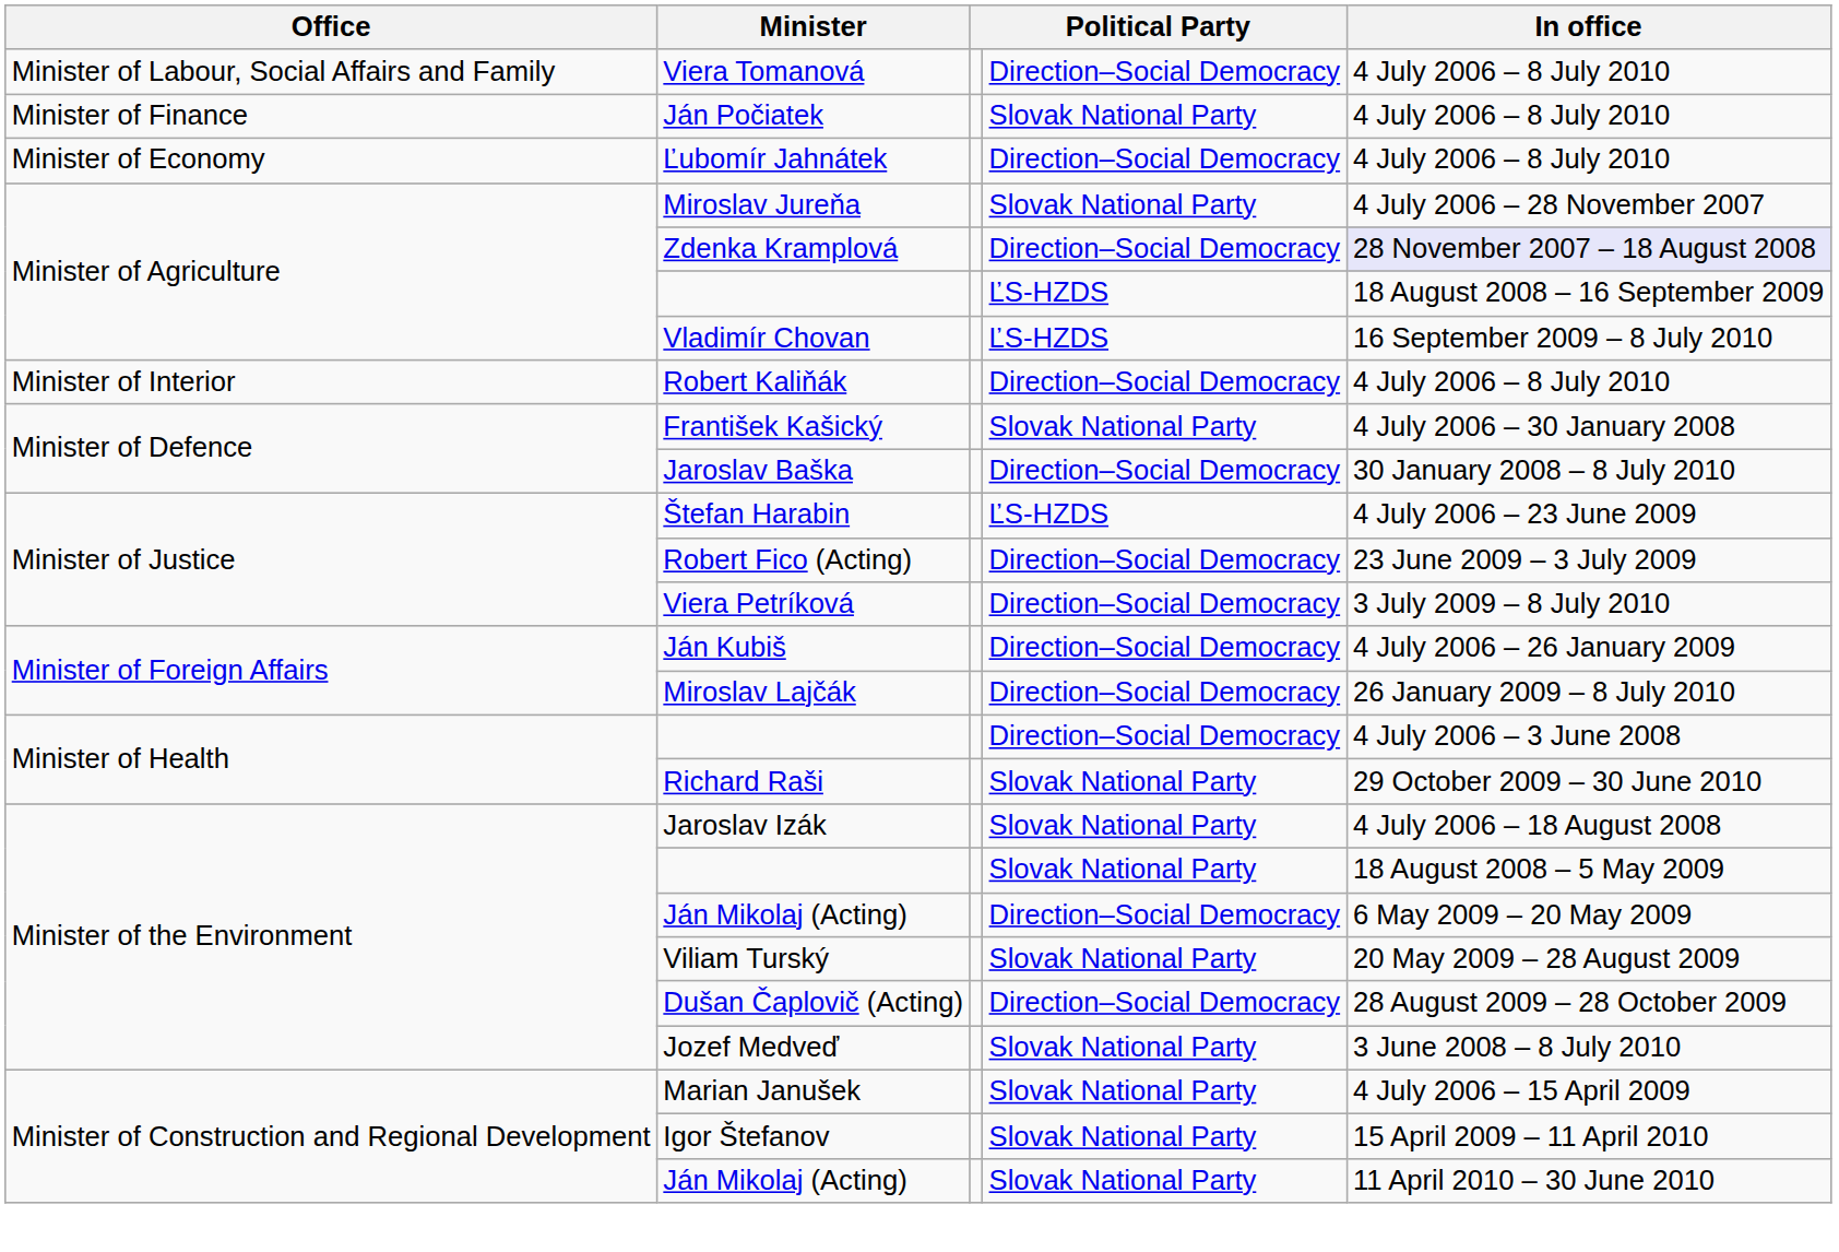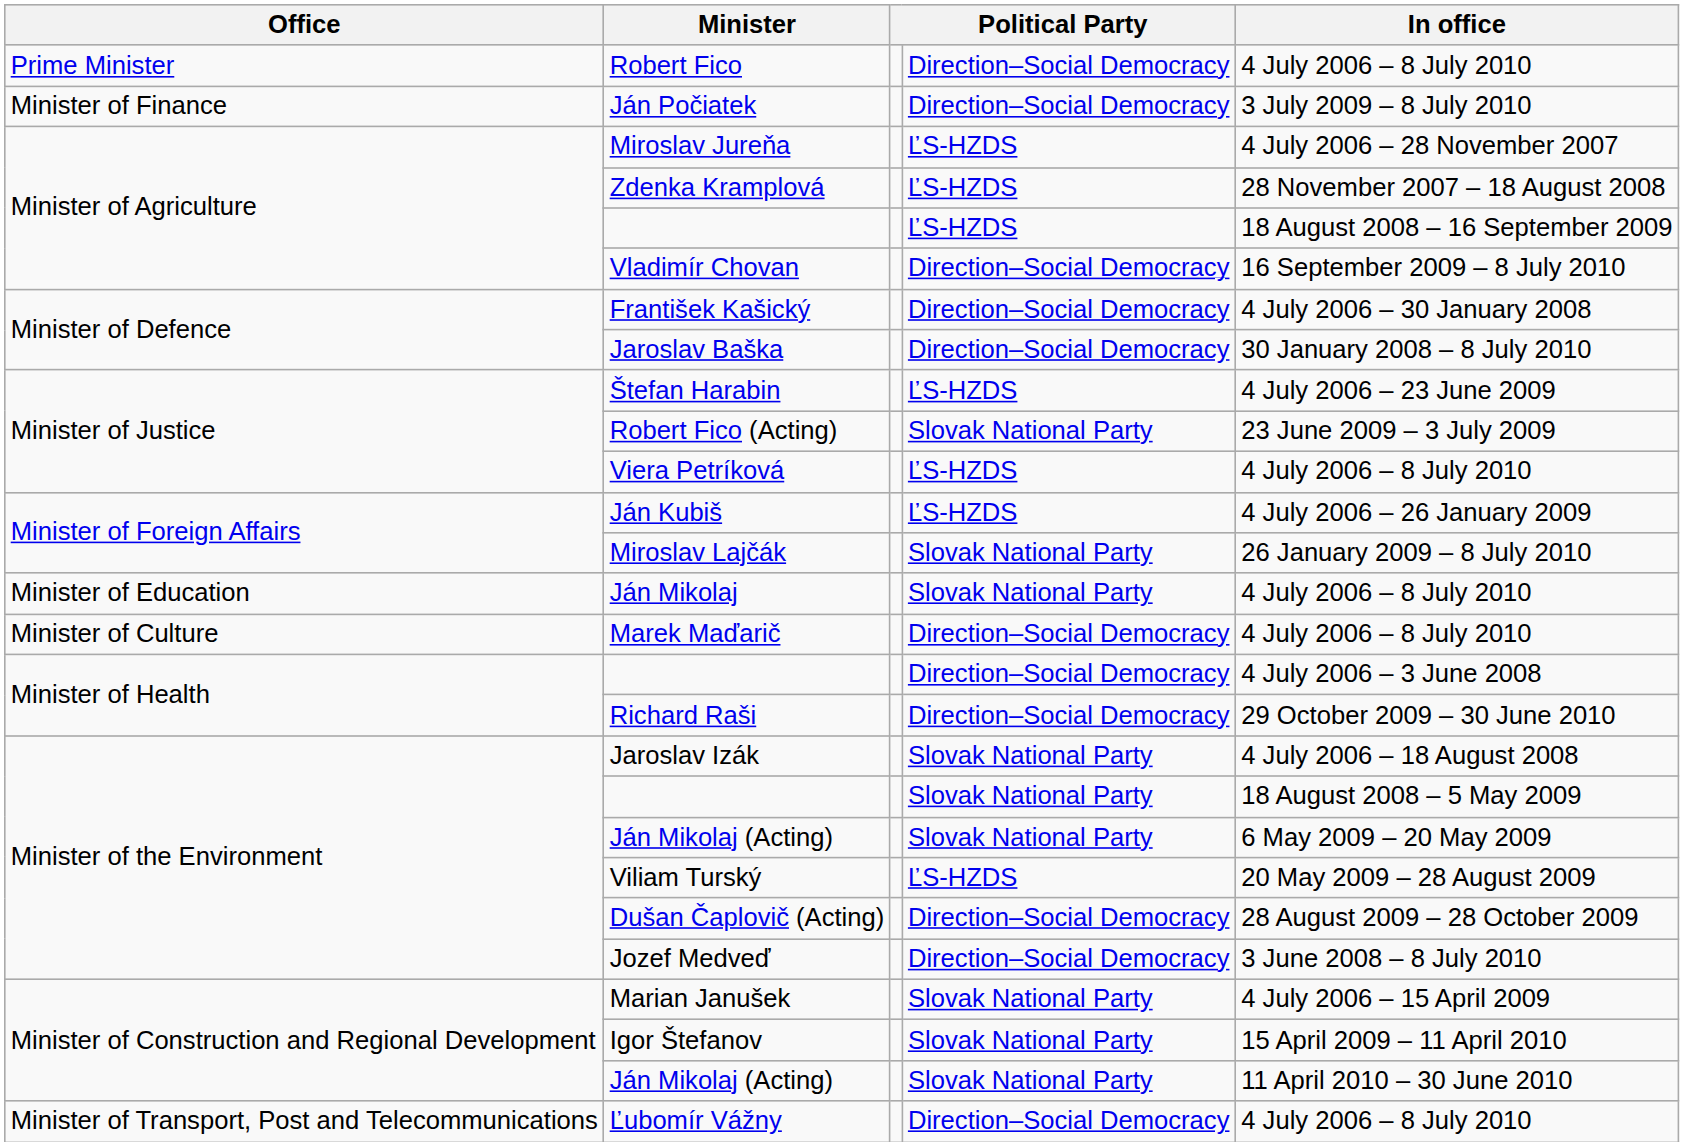 <table class="wikitable">
 <tr>
 <th>Office</th>
 <th>Minister</th>
 <th colspan=2>Political Party</th>
 <th>In office</th>
 </tr>
 <tr>
-<td>Minister of Labour, Social Affairs and Family</td>
-<td><a href='#'>Viera Tomanová</a></td>
+<td><a href='#'>Prime Minister</a></td>
+<td><a href='#'>Robert Fico</a></td>
 <td style="background-color: "></td>
 <td><a href='#'>Direction–Social Democracy</a></td>
 <td>4 July 2006 – 8 July 2010</td>
 </tr>
 <tr>
 <td>Minister of Finance</td>
 <td><a href='#'>Ján Počiatek</a></td>
 <td style="background-color: "></td>
-<td><a href='#'>Slovak National Party</a></td>
-<td>4 July 2006 – 8 July 2010</td>
-</tr>
-<tr>
-<td>Minister of Economy</td>
-<td><a href='#'>Ľubomír Jahnátek</a></td>
-<td style="background-color: "></td>
 <td><a href='#'>Direction–Social Democracy</a></td>
-<td>4 July 2006 – 8 July 2010</td>
+<td>3 July 2009 – 8 July 2010</td>
 </tr>
 <tr>
 <td rowspan=4>Minister of Agriculture</td>
 <td><a href='#'>Miroslav Jureňa</a></td>
 <td style="background-color: "></td>
-<td><a href='#'>Slovak National Party</a></td>
+<td><a href='#'>ĽS-HZDS</a></td>
 <td>4 July 2006 – 28 November 2007</td>
 </tr>
 <tr>
 <td><a href='#'>Zdenka Kramplová</a></td>
 <td style="background-color: "></td>
-<td><a href='#'>Direction–Social Democracy</a></td>
-<td style="background: lavender;">28 November 2007 – 18 August 2008</td>
+<td><a href='#'>ĽS-HZDS</a></td>
+<td>28 November 2007 – 18 August 2008</td>
 </tr>
 <tr>
 <td></td>
 <td style="background-color: "></td>
 <td><a href='#'>ĽS-HZDS</a></td>
 <td>18 August 2008 – 16 September 2009</td>
 </tr>
 <tr>
 <td><a href='#'>Vladimír Chovan</a></td>
 <td style="background-color: "></td>
-<td><a href='#'>ĽS-HZDS</a></td>
+<td><a href='#'>Direction–Social Democracy</a></td>
 <td>16 September 2009 – 8 July 2010</td>
-</tr>
-<tr>
-<td>Minister of Interior</td>
-<td><a href='#'>Robert Kaliňák</a></td>
-<td style="background-color: "></td>
-<td><a href='#'>Direction–Social Democracy</a></td>
-<td>4 July 2006 – 8 July 2010</td>
 </tr>
 <tr>
 <td rowspan=2>Minister of Defence</td>
 <td><a href='#'>František Kašický</a></td>
 <td style="background-color: "></td>
-<td><a href='#'>Slovak National Party</a></td>
+<td><a href='#'>Direction–Social Democracy</a></td>
 <td>4 July 2006 – 30 January 2008</td>
 </tr>
 <tr>
 <td><a href='#'>Jaroslav Baška</a></td>
 <td style="background-color: "></td>
 <td><a href='#'>Direction–Social Democracy</a></td>
 <td>30 January 2008 – 8 July 2010</td>
 </tr>
 <tr>
 <td rowspan=3>Minister of Justice</td>
 <td><a href='#'>Štefan Harabin</a></td>
 <td style="background-color: "></td>
 <td><a href='#'>ĽS-HZDS</a></td>
 <td>4 July 2006 – 23 June 2009</td>
 </tr>
 <tr>
 <td><a href='#'>Robert Fico</a> (Acting)</td>
 <td style="background-color:"></td>
-<td><a href='#'>Direction–Social Democracy</a></td>
+<td><a href='#'>Slovak National Party</a></td>
 <td>23 June 2009 – 3 July 2009</td>
 </tr>
 <tr>
 <td><a href='#'>Viera Petríková</a></td>
 <td style="background-color: "></td>
-<td><a href='#'>Direction–Social Democracy</a></td>
-<td>3 July 2009 – 8 July 2010</td>
+<td><a href='#'>ĽS-HZDS</a></td>
+<td>4 July 2006 – 8 July 2010</td>
 </tr>
 <tr>
 <td rowspan=2><a href='#'>Minister of Foreign Affairs</a></td>
 <td><a href='#'>Ján Kubiš</a></td>
 <td style="background-color:"></td>
-<td><a href='#'>Direction–Social Democracy</a></td>
+<td><a href='#'>ĽS-HZDS</a></td>
 <td>4 July 2006 – 26 January 2009</td>
 </tr>
 <tr>
 <td><a href='#'>Miroslav Lajčák</a></td>
 <td style="background-color:"></td>
+<td><a href='#'>Slovak National Party</a></td>
+<td>26 January 2009 – 8 July 2010</td>
+</tr>
+<tr>
+<td>Minister of Education</td>
+<td><a href='#'>Ján Mikolaj</a></td>
+<td style="background-color: "></td>
+<td><a href='#'>Slovak National Party</a></td>
+<td>4 July 2006 – 8 July 2010</td>
+</tr>
+<tr>
+<td>Minister of Culture</td>
+<td><a href='#'>Marek Maďarič</a></td>
+<td style="background-color: "></td>
 <td><a href='#'>Direction–Social Democracy</a></td>
-<td>26 January 2009 – 8 July 2010</td>
+<td>4 July 2006 – 8 July 2010</td>
 </tr>
 <tr>
 <td rowspan=2>Minister of Health</td>
 <td></td>
 <td style="background-color: "></td>
 <td><a href='#'>Direction–Social Democracy</a></td>
 <td>4 July 2006 – 3 June 2008</td>
 </tr>
 <tr>
 <td><a href='#'>Richard Raši</a></td>
 <td style="background-color: "></td>
-<td><a href='#'>Slovak National Party</a></td>
+<td><a href='#'>Direction–Social Democracy</a></td>
 <td>29 October 2009 – 30 June 2010</td>
 </tr>
 <tr>
 <td rowspan=6>Minister of the Environment</td>
 <td>Jaroslav Izák</td>
 <td style="background-color: "></td>
 <td><a href='#'>Slovak National Party</a></td>
 <td>4 July 2006 – 18 August 2008</td>
 </tr>
 <tr>
 <td></td>
 <td style="background-color: "></td>
 <td><a href='#'>Slovak National Party</a></td>
 <td>18 August 2008 – 5 May 2009</td>
 </tr>
 <tr>
 <td><a href='#'>Ján Mikolaj</a> (Acting)</td>
 <td style="background-color: "></td>
-<td><a href='#'>Direction–Social Democracy</a></td>
+<td><a href='#'>Slovak National Party</a></td>
 <td>6 May 2009 – 20 May 2009</td>
 </tr>
 <tr>
 <td>Viliam Turský</td>
 <td style="background-color: "></td>
-<td><a href='#'>Slovak National Party</a></td>
+<td><a href='#'>ĽS-HZDS</a></td>
 <td>20 May 2009 – 28 August 2009</td>
 </tr>
 <tr>
 <td><a href='#'>Dušan Čaplovič</a> (Acting)</td>
 <td style="background-color: "></td>
 <td><a href='#'>Direction–Social Democracy</a></td>
 <td>28 August 2009 – 28 October 2009</td>
 </tr>
 <tr>
 <td>Jozef Medveď</td>
 <td style="background-color: "></td>
-<td><a href='#'>Slovak National Party</a></td>
+<td><a href='#'>Direction–Social Democracy</a></td>
 <td>3 June 2008 – 8 July 2010</td>
 </tr>
 <tr>
 <td rowspan=3>Minister of Construction and Regional Development</td>
 <td>Marian Janušek</td>
 <td style="background-color: "></td>
 <td><a href='#'>Slovak National Party</a></td>
 <td>4 July 2006 – 15 April 2009</td>
 </tr>
 <tr>
 <td>Igor Štefanov</td>
 <td style="background-color: "></td>
 <td><a href='#'>Slovak National Party</a></td>
 <td>15 April 2009 – 11 April 2010</td>
 </tr>
 <tr>
 <td><a href='#'>Ján Mikolaj</a> (Acting)</td>
 <td style="background-color: "></td>
 <td><a href='#'>Slovak National Party</a></td>
 <td>11 April 2010 – 30 June 2010</td>
 </tr>
+<tr>
+<td>Minister of Transport, Post and Telecommunications</td>
+<td><a href='#'>Ľubomír Vážny</a></td>
+<td style="background-color: "></td>
+<td><a href='#'>Direction–Social Democracy</a></td>
+<td>4 July 2006 – 8 July 2010</td>
+</tr>
 </table>
